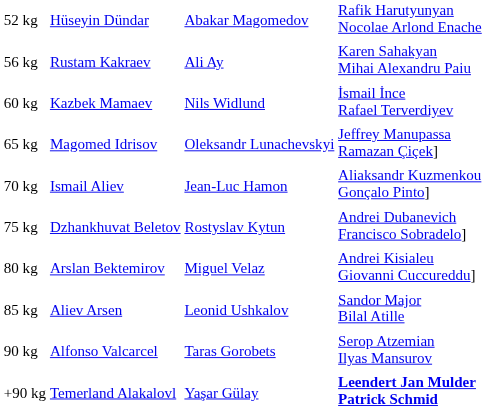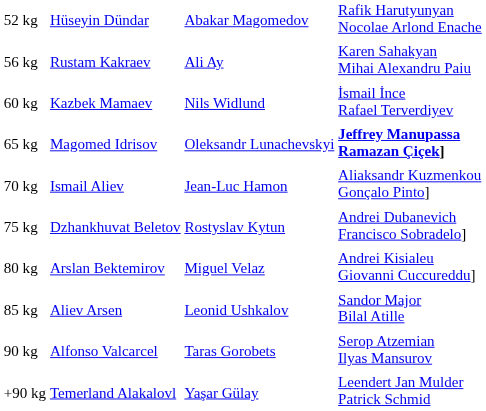 <table>
 <tr>
 <td rowspan=2>52 kg</td>
 <td rowspan=2> <a href='#'>Hüseyin Dündar</a></td>
 <td rowspan=2> <a href='#'>Abakar Magomedov</a></td>
 <td> <a href='#'>Rafik Harutyunyan</a> <br> <a href='#'>Nocolae Arlond Enache</a></td>
 </tr>
 <tr>
 <td></td>
 </tr>
 <tr>
 <td rowspan=2>56 kg</td>
 <td rowspan=2> <a href='#'>Rustam Kakraev</a></td>
 <td rowspan=2> <a href='#'>Ali Ay</a></td>
 <td> <a href='#'>Karen Sahakyan</a> <br> <a href='#'>Mihai Alexandru Paiu</a></td>
 </tr>
 <tr>
 <td></td>
 </tr>
 <tr>
 <td rowspan=2>60 kg</td>
 <td rowspan=2> <a href='#'>Kazbek Mamaev</a></td>
 <td rowspan=2> <a href='#'>Nils Widlund</a></td>
 <td> <a href='#'>İsmail İnce</a> <br> <a href='#'>Rafael Terverdiyev</a></td>
 </tr>
 <tr>
 <td></td>
 </tr>
 <tr>
 <td rowspan=2>65 kg</td>
 <td rowspan=2> <a href='#'>Magomed Idrisov</a></td>
 <td rowspan=2> <a href='#'>Oleksandr Lunachevskyi</a></td>
-<td> <a href='#'>Jeffrey Manupassa</a> <br> <a href='#'>Ramazan Çiçek</a>]</td>
+<td><strong> <a href='#'>Jeffrey Manupassa</a> <br> <a href='#'>Ramazan Çiçek</a>]</strong></td>
 </tr>
 <tr>
 <td></td>
 </tr>
 <tr>
 <td rowspan=2>70 kg</td>
 <td rowspan=2> <a href='#'>Ismail Aliev</a></td>
 <td rowspan=2> <a href='#'>Jean-Luc Hamon</a></td>
 <td> <a href='#'>Aliaksandr Kuzmenkou</a> <br> <a href='#'>Gonçalo Pinto</a>]</td>
 </tr>
 <tr>
 <td></td>
 </tr>
 <tr>
 <td rowspan=2>75 kg</td>
 <td rowspan=2> <a href='#'>Dzhankhuvat Beletov</a></td>
 <td rowspan=2> <a href='#'>Rostyslav Kytun</a></td>
 <td> <a href='#'>Andrei Dubanevich</a> <br> <a href='#'>Francisco Sobradelo</a>]</td>
 </tr>
 <tr>
 <td></td>
 </tr>
 <tr>
 <td rowspan=2>80 kg</td>
 <td rowspan=2> <a href='#'>Arslan Bektemirov</a></td>
 <td rowspan=2> <a href='#'>Miguel Velaz</a></td>
 <td> <a href='#'>Andrei Kisialeu</a> <br> <a href='#'>Giovanni Cuccureddu</a>]</td>
 </tr>
 <tr>
 <td></td>
 </tr>
 <tr>
 <td rowspan=2>85 kg</td>
 <td rowspan=2> <a href='#'>Aliev Arsen</a></td>
 <td rowspan=2> <a href='#'>Leonid Ushkalov</a></td>
 <td> <a href='#'>Sandor Major</a> <br> <a href='#'>Bilal Atille</a></td>
 </tr>
 <tr>
 <td></td>
 </tr>
 <tr>
 <td rowspan=2>90 kg</td>
 <td rowspan=2> <a href='#'>Alfonso Valcarcel</a></td>
 <td rowspan=2> <a href='#'>Taras Gorobets</a></td>
 <td> <a href='#'>Serop Atzemian</a> <br> <a href='#'>Ilyas Mansurov</a></td>
 </tr>
 <tr>
 <td></td>
 </tr>
 <tr>
 <td rowspan=2>+90 kg</td>
 <td rowspan=2> <a href='#'>Temerland Alakalovl</a></td>
 <td rowspan=2> <a href='#'>Yaşar Gülay</a></td>
-<td><strong> <a href='#'>Leendert Jan Mulder</a> <br> <a href='#'>Patrick Schmid</a></strong></td>
+<td> <a href='#'>Leendert Jan Mulder</a> <br> <a href='#'>Patrick Schmid</a></td>
 </tr>
 <tr>
 <td></td>
 </tr>
 </table>
